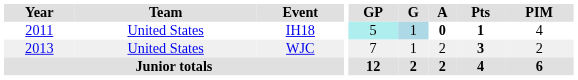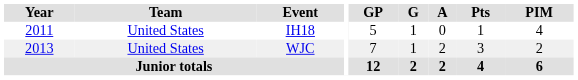 <table border="0" cellpadding="1" cellspacing="0" ID="Table3" style="text-align:center; width:40em">
 <tr ALIGN="center" bgcolor="#e0e0e0">
 <th>Year</th>
 <th>Team</th>
 <th>Event</th>
 <th rowspan="99" bgcolor="#ffffff"></th>
 <th>GP</th>
 <th>G</th>
 <th>A</th>
 <th>Pts</th>
 <th>PIM</th>
 </tr>
 <tr>
 <td><a href='#'>2011</a></td>
 <td><a href='#'>United States</a></td>
 <td><a href='#'>IH18</a></td>
-<td style="background: paleturquoise;">5</td>
-<td style="background: lightblue;">1</td>
-<td><strong>0</strong></td>
-<td><strong>1</strong></td>
+<td>5</td>
+<td>1</td>
+<td>0</td>
+<td>1</td>
 <td>4</td>
 </tr>
 <tr bgcolor="#f0f0f0">
 <td><a href='#'>2013</a></td>
 <td><a href='#'>United States</a></td>
 <td><a href='#'>WJC</a></td>
 <td>7</td>
 <td>1</td>
 <td>2</td>
-<td><strong>3</strong></td>
+<td>3</td>
 <td>2</td>
 </tr>
 <tr bgcolor="#e0e0e0">
 <th colspan="3">Junior totals</th>
 <th>12</th>
 <th>2</th>
 <th>2</th>
 <th>4</th>
 <th>6</th>
 </tr>
 </table>
